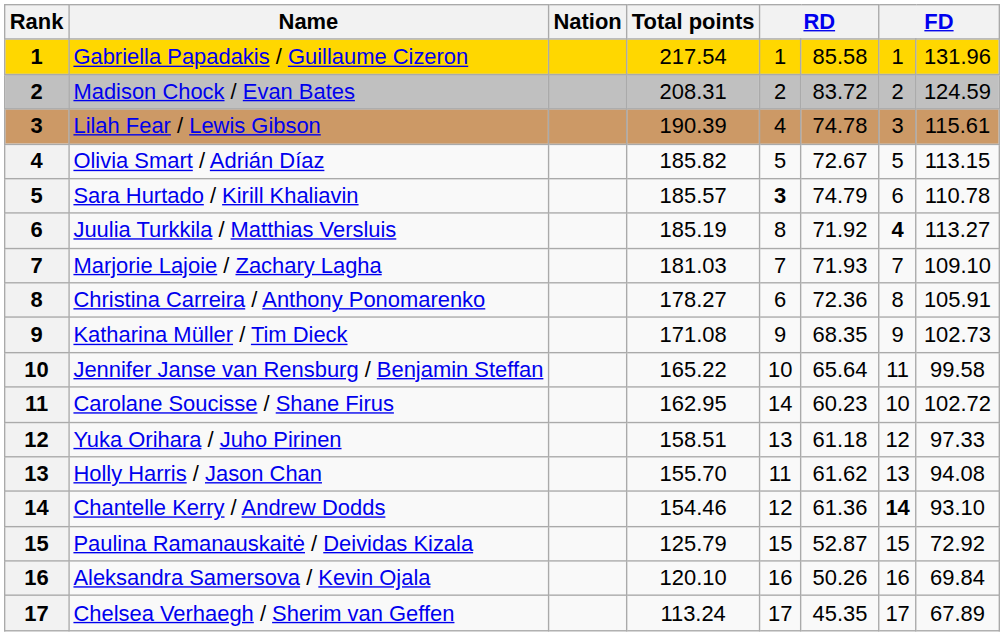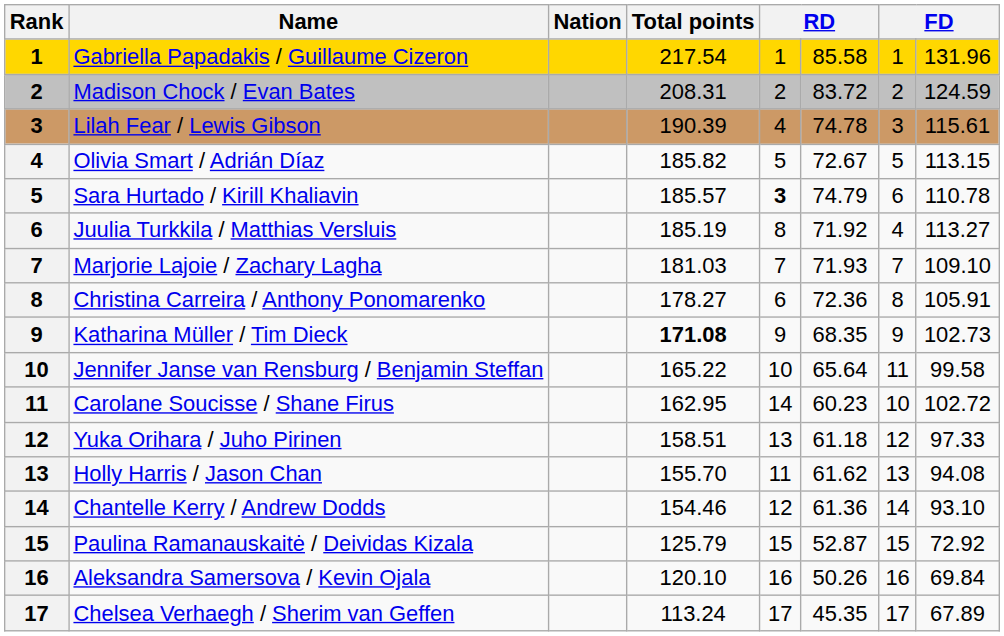 <table class="wikitable sortable">
 <tr>
 <th>Rank</th>
 <th>Name</th>
 <th>Nation</th>
 <th>Total points</th>
 <th colspan="2" width="80px"><a href='#'>RD</a></th>
 <th colspan="2" width="80px"><a href='#'>FD</a></th>
 </tr>
 <tr bgcolor="gold">
 <td align="center"><strong>1</strong></td>
 <td><a href='#'>Gabriella Papadakis</a> / <a href='#'>Guillaume Cizeron</a></td>
 <td></td>
 <td align="center">217.54</td>
 <td align="center">1</td>
 <td align="center">85.58</td>
 <td align="center">1</td>
 <td align="center">131.96</td>
 </tr>
 <tr bgcolor="silver">
 <td align="center"><strong>2</strong></td>
 <td><a href='#'>Madison Chock</a> / <a href='#'>Evan Bates</a></td>
 <td></td>
 <td align="center">208.31</td>
 <td align="center">2</td>
 <td align="center">83.72</td>
 <td align="center">2</td>
 <td align="center">124.59</td>
 </tr>
 <tr bgcolor="cc9966">
 <td align="center"><strong>3</strong></td>
 <td><a href='#'>Lilah Fear</a> / <a href='#'>Lewis Gibson</a></td>
 <td></td>
 <td align="center">190.39</td>
 <td align="center">4</td>
 <td align="center">74.78</td>
 <td align="center">3</td>
 <td align="center">115.61</td>
 </tr>
 <tr>
 <th>4</th>
 <td><a href='#'>Olivia Smart</a> / <a href='#'>Adrián Díaz</a></td>
 <td></td>
 <td align="center">185.82</td>
 <td align="center">5</td>
 <td align="center">72.67</td>
 <td align="center">5</td>
 <td align="center">113.15</td>
 </tr>
 <tr>
 <th>5</th>
 <td><a href='#'>Sara Hurtado</a> / <a href='#'>Kirill Khaliavin</a></td>
 <td></td>
 <td align="center">185.57</td>
 <td align="center"><strong>3</strong></td>
 <td align="center">74.79</td>
 <td align="center">6</td>
 <td align="center">110.78</td>
 </tr>
 <tr>
 <th>6</th>
 <td><a href='#'>Juulia Turkkila</a> / <a href='#'>Matthias Versluis</a></td>
 <td></td>
 <td align="center">185.19</td>
 <td align="center">8</td>
 <td align="center">71.92</td>
-<td align="center"><strong>4</strong></td>
+<td align="center">4</td>
 <td align="center">113.27</td>
 </tr>
 <tr>
 <th>7</th>
 <td><a href='#'>Marjorie Lajoie</a> / <a href='#'>Zachary Lagha</a></td>
 <td></td>
 <td align="center">181.03</td>
 <td align="center">7</td>
 <td align="center">71.93</td>
 <td align="center">7</td>
 <td align="center">109.10</td>
 </tr>
 <tr>
 <th>8</th>
 <td><a href='#'>Christina Carreira</a> / <a href='#'>Anthony Ponomarenko</a></td>
 <td></td>
 <td align="center">178.27</td>
 <td align="center">6</td>
 <td align="center">72.36</td>
 <td align="center">8</td>
 <td align="center">105.91</td>
 </tr>
 <tr>
 <th>9</th>
 <td><a href='#'>Katharina Müller</a> / <a href='#'>Tim Dieck</a></td>
 <td></td>
-<td align="center">171.08</td>
+<td align="center"><strong>171.08</strong></td>
 <td align="center">9</td>
 <td align="center">68.35</td>
 <td align="center">9</td>
 <td align="center">102.73</td>
 </tr>
 <tr>
 <th>10</th>
 <td><a href='#'>Jennifer Janse van Rensburg</a> / <a href='#'>Benjamin Steffan</a></td>
 <td></td>
 <td align="center">165.22</td>
 <td align="center">10</td>
 <td align="center">65.64</td>
 <td align="center">11</td>
 <td align="center">99.58</td>
 </tr>
 <tr>
 <th>11</th>
 <td><a href='#'>Carolane Soucisse</a> / <a href='#'>Shane Firus</a></td>
 <td></td>
 <td align="center">162.95</td>
 <td align="center">14</td>
 <td align="center">60.23</td>
 <td align="center">10</td>
 <td align="center">102.72</td>
 </tr>
 <tr>
 <th>12</th>
 <td><a href='#'>Yuka Orihara</a> / <a href='#'>Juho Pirinen</a></td>
 <td></td>
 <td align="center">158.51</td>
 <td align="center">13</td>
 <td align="center">61.18</td>
 <td align="center">12</td>
 <td align="center">97.33</td>
 </tr>
 <tr>
 <th>13</th>
 <td><a href='#'>Holly Harris</a> / <a href='#'>Jason Chan</a></td>
 <td></td>
 <td align="center">155.70</td>
 <td align="center">11</td>
 <td align="center">61.62</td>
 <td align="center">13</td>
 <td align="center">94.08</td>
 </tr>
 <tr>
 <th>14</th>
 <td><a href='#'>Chantelle Kerry</a> / <a href='#'>Andrew Dodds</a></td>
 <td></td>
 <td align="center">154.46</td>
 <td align="center">12</td>
 <td align="center">61.36</td>
-<td align="center"><strong>14</strong></td>
+<td align="center">14</td>
 <td align="center">93.10</td>
 </tr>
 <tr>
 <th>15</th>
 <td><a href='#'>Paulina Ramanauskaitė</a> / <a href='#'>Deividas Kizala</a></td>
 <td></td>
 <td align="center">125.79</td>
 <td align="center">15</td>
 <td align="center">52.87</td>
 <td align="center">15</td>
 <td align="center">72.92</td>
 </tr>
 <tr>
 <th>16</th>
 <td><a href='#'>Aleksandra Samersova</a> / <a href='#'>Kevin Ojala</a></td>
 <td></td>
 <td align="center">120.10</td>
 <td align="center">16</td>
 <td align="center">50.26</td>
 <td align="center">16</td>
 <td align="center">69.84</td>
 </tr>
 <tr>
 <th>17</th>
 <td><a href='#'>Chelsea Verhaegh</a> / <a href='#'>Sherim van Geffen</a></td>
 <td></td>
 <td align="center">113.24</td>
 <td align="center">17</td>
 <td align="center">45.35</td>
 <td align="center">17</td>
 <td align="center">67.89</td>
 </tr>
 </table>
